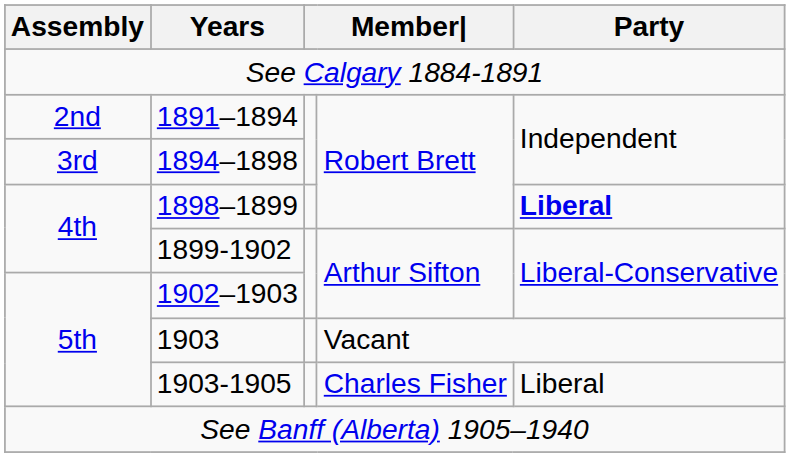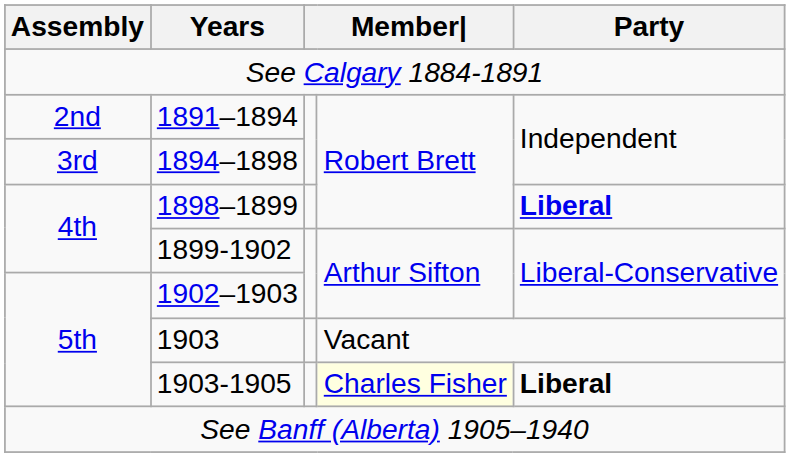 <table class=wikitable align=right>
 <tr>
 <th>Assembly</th>
 <th>Years</th>
 <th colspan="2">Member|</th>
 <th>Party</th>
 </tr>
 <tr>
 <td colspan=5 align=center><em>See <a href='#'>Calgary</a> 1884-1891</em></td>
 </tr>
 <tr>
 <td align=center><a href='#'>2nd</a></td>
 <td><a href='#'>1891</a>–1894</td>
 <td rowspan=2 ></td>
 <td rowspan=3><a href='#'>Robert Brett</a></td>
 <td rowspan=2>Independent</td>
 </tr>
 <tr>
 <td align=center><a href='#'>3rd</a></td>
 <td><a href='#'>1894</a>–1898</td>
 </tr>
 <tr>
 <td align=center rowspan=2><a href='#'>4th</a></td>
 <td><a href='#'>1898</a>–1899</td>
 <td></td>
 <td><strong><a href='#'>Liberal</a></strong></td>
 </tr>
 <tr>
 <td>1899-1902</td>
 <td rowspan=2 ></td>
 <td rowspan=2><a href='#'>Arthur Sifton</a></td>
 <td rowspan=2><a href='#'>Liberal-Conservative</a></td>
 </tr>
 <tr>
 <td align=center rowspan=3><a href='#'>5th</a></td>
 <td><a href='#'>1902</a>–1903</td>
 </tr>
 <tr>
 <td>1903</td>
 <td></td>
 <td colspan=2>Vacant</td>
 </tr>
 <tr>
 <td>1903-1905</td>
 <td></td>
-<td><a href='#'>Charles Fisher</a></td>
-<td>Liberal</td>
+<td style="background: lightyellow;"><a href='#'>Charles Fisher</a></td>
+<td><strong>Liberal</strong></td>
 </tr>
 <tr>
 <td align=center colspan=5><em>See <a href='#'>Banff (Alberta)</a> 1905–1940</em></td>
 </tr>
 </table>
